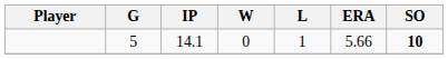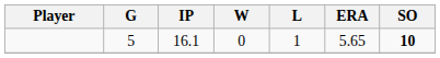 <table class="wikitable sortable">
 <tr>
 <th bgcolor="#DDDDFF" width="16%">Player</th>
 <th bgcolor="#DDDDFF" width="9%">G</th>
 <th bgcolor="#DDDDFF" width="9%">IP</th>
 <th bgcolor="#DDDDFF" width="9%">W</th>
 <th bgcolor="#DDDDFF" width="9%">L</th>
 <th bgcolor="#DDDDFF" width="9%">ERA</th>
 <th bgcolor="#DDDDFF" width="9%">SO</th>
 </tr>
 <tr align="center">
 <td></td>
 <td>5</td>
-<td>14.1</td>
+<td>16.1</td>
 <td>0</td>
 <td>1</td>
-<td>5.66</td>
+<td>5.65</td>
 <td><strong>10</strong></td>
 </tr>
 <tr align="center">
 </tr>
 </table>
